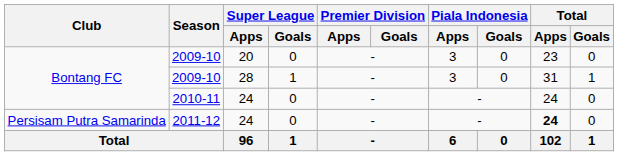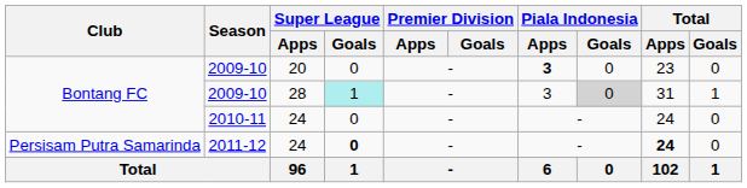 <table class="wikitable" style="font-size:90%; text-align:center;">
 <tr>
 <th rowspan="2">Club</th>
 <th rowspan="2">Season</th>
 <th colspan="2"><a href='#'>Super League</a></th>
 <th colspan="2"><a href='#'>Premier Division</a></th>
 <th colspan="2"><a href='#'>Piala Indonesia</a></th>
 <th colspan="2">Total</th>
 </tr>
 <tr>
 <th>Apps</th>
 <th>Goals</th>
 <th>Apps</th>
 <th>Goals</th>
 <th>Apps</th>
 <th>Goals</th>
 <th>Apps</th>
 <th>Goals</th>
 </tr>
 <tr>
 <td rowspan="3"><a href='#'>Bontang FC</a></td>
 <td><a href='#'>2009-10</a></td>
 <td>20</td>
 <td>0</td>
 <td colspan="2">-</td>
-<td>3</td>
+<td><strong>3</strong></td>
 <td>0</td>
 <td>23</td>
 <td>0</td>
 </tr>
 <tr>
 <td><a href='#'>2009-10</a></td>
 <td>28</td>
-<td>1</td>
+<td style="background: paleturquoise;">1</td>
 <td colspan="2">-</td>
 <td>3</td>
-<td>0</td>
+<td style="background: lightgrey;">0</td>
 <td>31</td>
 <td>1</td>
 </tr>
 <tr>
 <td><a href='#'>2010-11</a></td>
 <td>24</td>
 <td>0</td>
 <td colspan="2">-</td>
 <td colspan="2">-</td>
 <td>24</td>
 <td>0</td>
 </tr>
 <tr>
 <td rowspan="1"><a href='#'>Persisam Putra Samarinda</a></td>
 <td><a href='#'>2011-12</a></td>
 <td>24</td>
-<td>0</td>
+<td><strong>0</strong></td>
 <td colspan="2">-</td>
 <td colspan="2">-</td>
 <td><strong>24</strong></td>
 <td>0</td>
 </tr>
 <tr>
 <th colspan="2">Total</th>
 <th>96</th>
 <th>1</th>
 <th colspan="2">-</th>
 <th>6</th>
 <th>0</th>
 <th>102</th>
 <th>1</th>
 </tr>
 </table>
